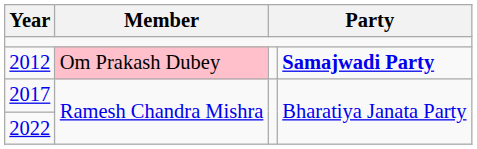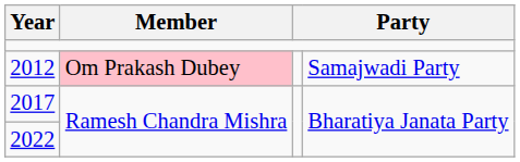 <table class="wikitable">
 <tr>
 <th>Year</th>
 <th>Member</th>
 <th colspan="2">Party</th>
 </tr>
 <tr>
 <td colspan="4"></td>
 </tr>
 <tr>
 <td><a href='#'>2012</a></td>
 <td style="background: pink;">Om Prakash Dubey</td>
 <td style="background-color: "></td>
-<td><strong><a href='#'>Samajwadi Party</a></strong></td>
+<td><a href='#'>Samajwadi Party</a></td>
 </tr>
 <tr>
 <td><a href='#'>2017</a></td>
 <td rowspan="2"><a href='#'>Ramesh Chandra Mishra</a></td>
 <td rowspan="2" style="background-color: "></td>
 <td rowspan="2"><a href='#'>Bharatiya Janata Party</a></td>
 </tr>
 <tr>
 <td><a href='#'>2022</a></td>
 </tr>
 </table>
